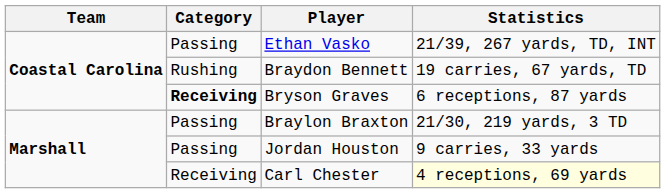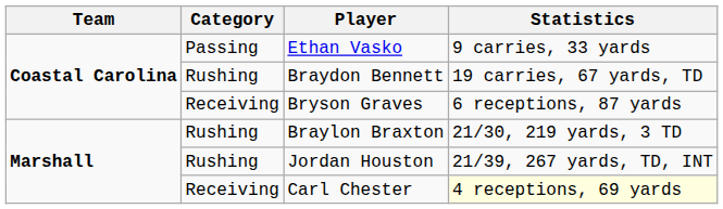 <table class="wikitable" style="float: right;">
 <tr>
 <th>Team</th>
 <th>Category</th>
 <th>Player</th>
 <th>Statistics</th>
 </tr>
 <tr>
 <td rowspan=3><strong>Coastal Carolina</strong></td>
 <td>Passing</td>
 <td><a href='#'>Ethan Vasko</a></td>
-<td>21/39, 267 yards, TD, INT</td>
+<td>9 carries, 33 yards</td>
 </tr>
 <tr>
 <td>Rushing</td>
 <td>Braydon Bennett</td>
 <td>19 carries, 67 yards, TD</td>
 </tr>
 <tr>
-<td><strong>Receiving</strong></td>
+<td>Receiving</td>
 <td>Bryson Graves</td>
 <td>6 receptions, 87 yards</td>
 </tr>
 <tr>
 <td rowspan=3><strong>Marshall</strong></td>
-<td>Passing</td>
+<td>Rushing</td>
 <td>Braylon Braxton</td>
 <td>21/30, 219 yards, 3 TD</td>
 </tr>
 <tr>
-<td>Passing</td>
+<td>Rushing</td>
 <td>Jordan Houston</td>
-<td>9 carries, 33 yards</td>
+<td>21/39, 267 yards, TD, INT</td>
 </tr>
 <tr>
 <td>Receiving</td>
 <td>Carl Chester</td>
 <td style="background: lightyellow;">4 receptions, 69 yards</td>
 </tr>
 </table>
